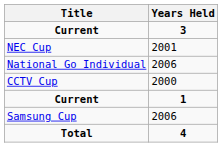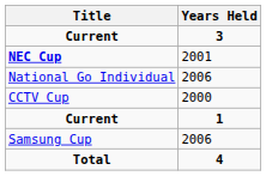 <table class="wikitable">
 <tr>
 <th>Title</th>
 <th>Years Held</th>
 </tr>
 <tr>
 <td align="center"><strong>Current</strong></td>
 <td align="center"><strong>3</strong></td>
 </tr>
 <tr>
-<td> <a href='#'>NEC Cup</a></td>
+<td><strong> <a href='#'>NEC Cup</a></strong></td>
 <td>2001</td>
 </tr>
 <tr>
 <td> <a href='#'>National Go Individual</a></td>
 <td>2006</td>
 </tr>
 <tr>
 <td> <a href='#'>CCTV Cup</a></td>
 <td>2000</td>
 </tr>
 <tr>
 <td align="center"><strong>Current</strong></td>
 <td align="center"><strong>1</strong></td>
 </tr>
 <tr>
 <td>    <a href='#'>Samsung Cup</a></td>
 <td>2006</td>
 </tr>
 <tr>
 <td align="center"><strong>Total</strong></td>
 <td align="center"><strong>4</strong></td>
 </tr>
 </table>
